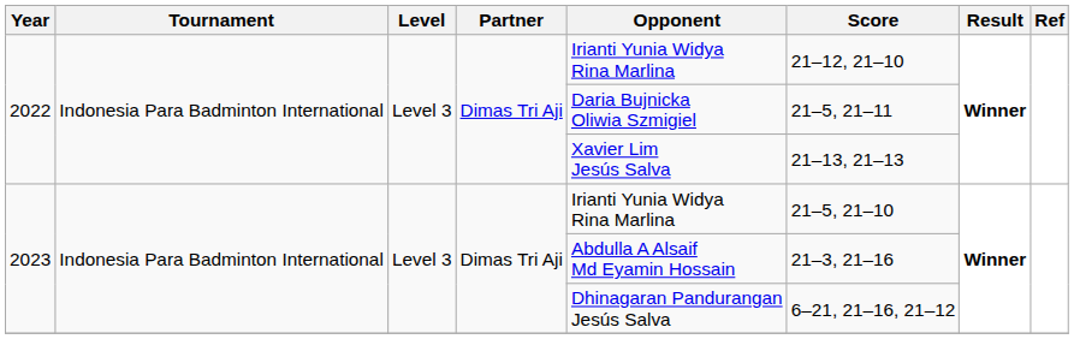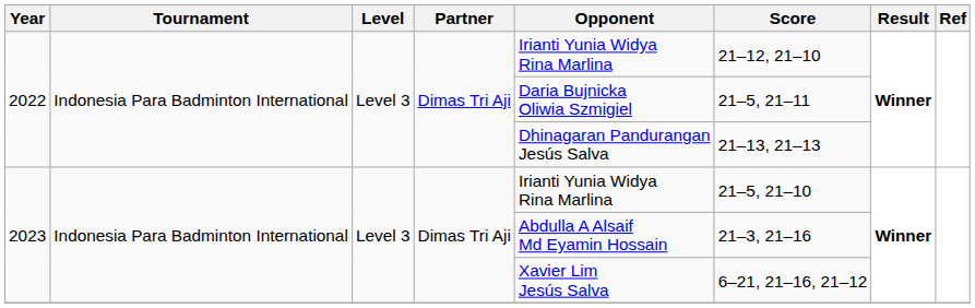 <table class="sortable wikitable" style="font-size: 95%;">
 <tr>
 <th>Year</th>
 <th>Tournament</th>
 <th>Level</th>
 <th>Partner</th>
 <th>Opponent</th>
 <th>Score</th>
 <th>Result</th>
 <th>Ref</th>
 </tr>
 <tr>
 <td rowspan="3" align="center">2022</td>
 <td rowspan="3" align="left">Indonesia Para Badminton International</td>
 <td rowspan="3" align="left">Level 3</td>
 <td rowspan="3"> <a href='#'>Dimas Tri Aji</a></td>
 <td align="left"> <a href='#'>Irianti Yunia Widya</a><br> <a href='#'>Rina Marlina</a></td>
 <td align="left">21–12, 21–10</td>
 <td rowspan="3" style="text-align:left; background:white"> <strong>Winner</strong></td>
 <td rowspan="3" style="text-align:center; background:white"></td>
 </tr>
 <tr>
 <td align="left"> <a href='#'>Daria Bujnicka</a><br> <a href='#'>Oliwia Szmigiel</a></td>
 <td align="left">21–5, 21–11</td>
 </tr>
 <tr>
-<td align="left"> <a href='#'>Xavier Lim</a><br> <a href='#'>Jesús Salva</a></td>
+<td align="left"> <a href='#'>Dhinagaran Pandurangan</a><br> Jesús Salva</td>
 <td align="left">21–13, 21–13</td>
 </tr>
 <tr>
 <td rowspan="3" align="center">2023</td>
 <td rowspan="3" align="left">Indonesia Para Badminton International</td>
 <td rowspan="3" align="left">Level 3</td>
 <td rowspan="3"> Dimas Tri Aji</td>
 <td align="left"> Irianti Yunia Widya<br> Rina Marlina</td>
 <td align="left">21–5, 21–10</td>
 <td rowspan="3" style="text-align:left; background:white"> <strong>Winner</strong></td>
 <td rowspan="3" style="text-align:center; background:white"></td>
 </tr>
 <tr>
 <td align="left"> <a href='#'>Abdulla A Alsaif</a><br> <a href='#'>Md Eyamin Hossain</a></td>
 <td align="left">21–3, 21–16</td>
 </tr>
 <tr>
-<td align="left"> <a href='#'>Dhinagaran Pandurangan</a><br> Jesús Salva</td>
+<td align="left"> <a href='#'>Xavier Lim</a><br> <a href='#'>Jesús Salva</a></td>
 <td align="left">6–21, 21–16, 21–12</td>
 </tr>
 <tr>
 </tr>
 </table>
